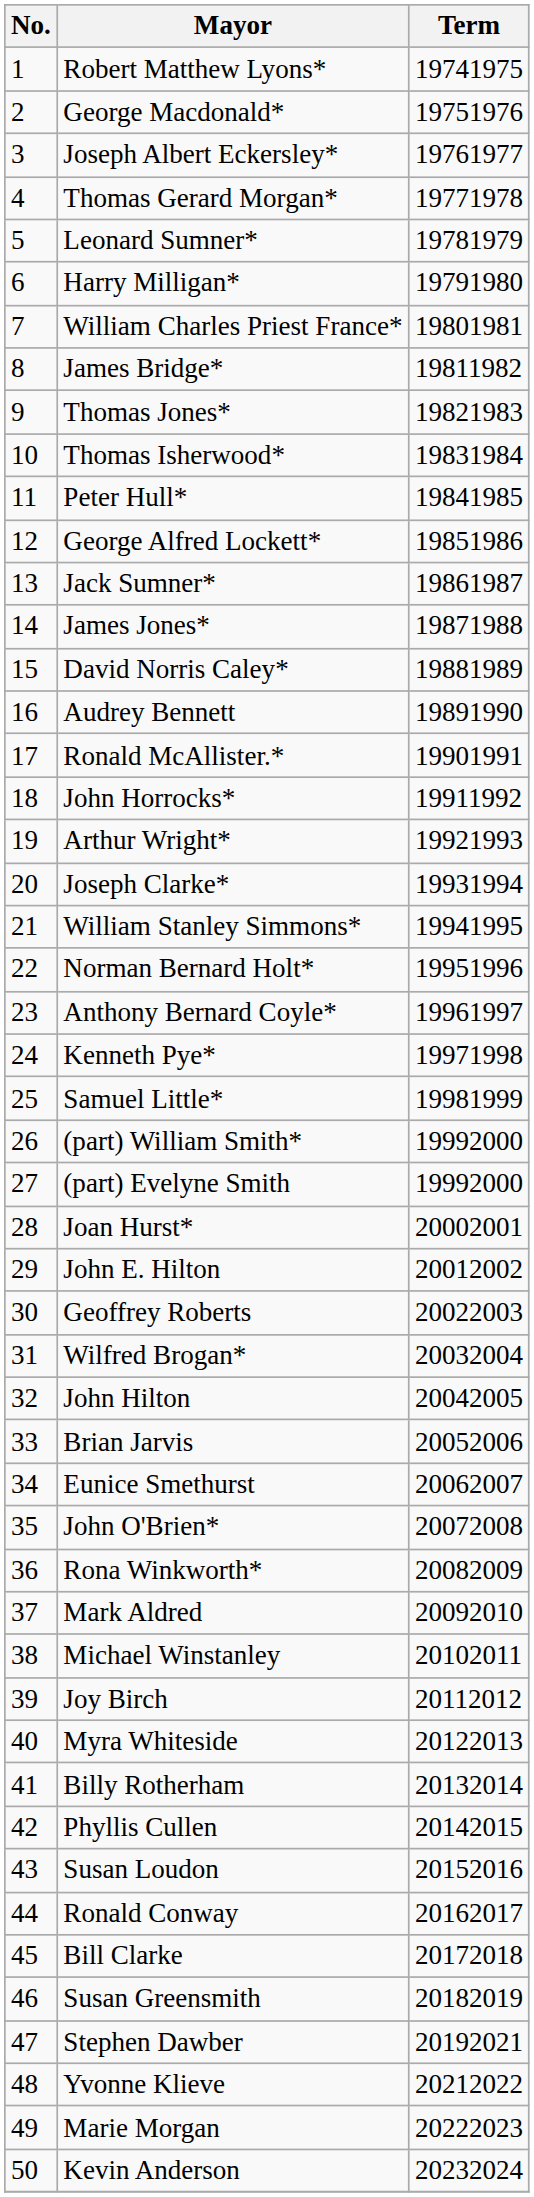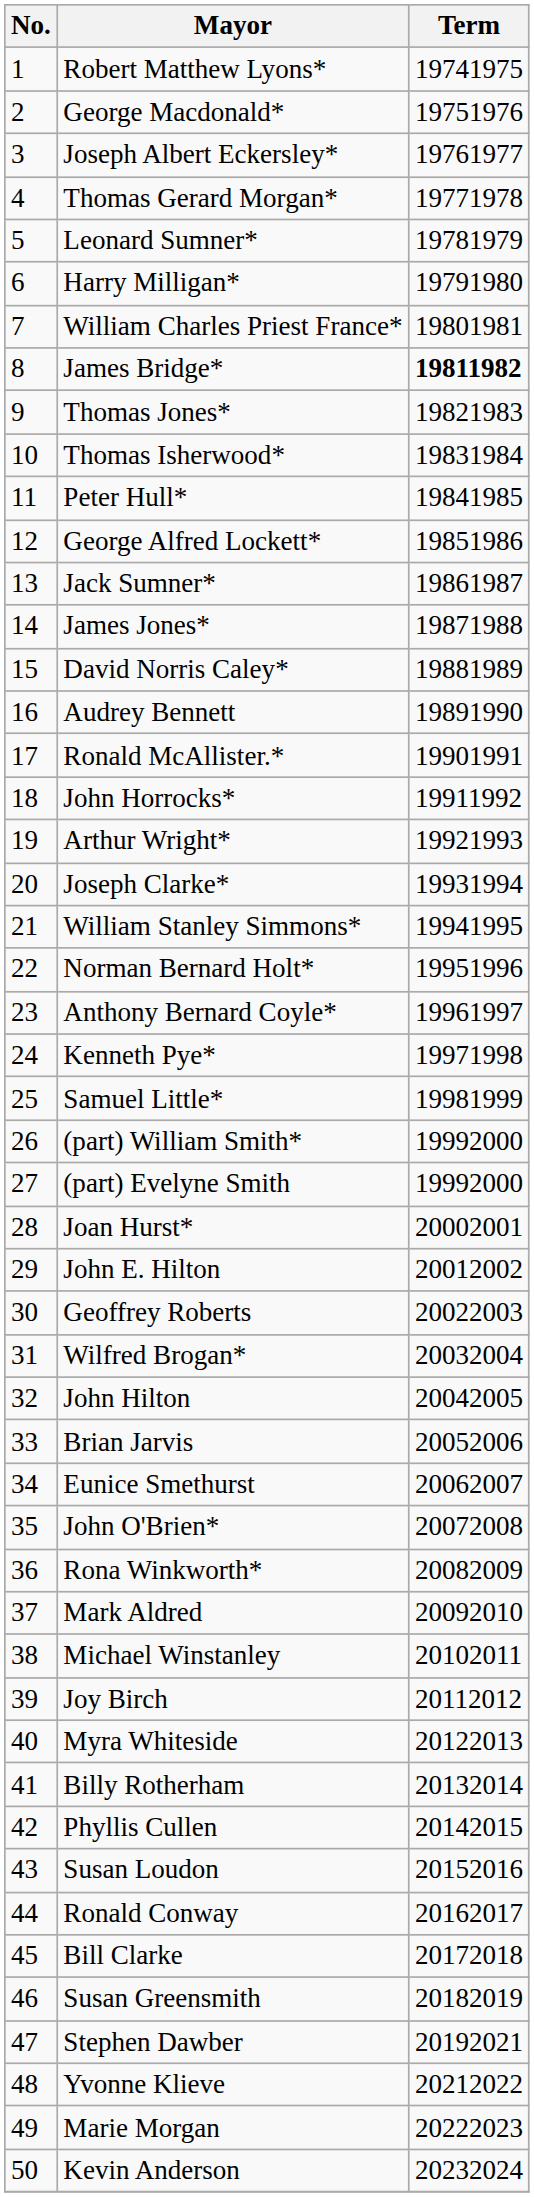 <table class="wikitable">
 <tr>
 <th>No.</th>
 <th>Mayor</th>
 <th>Term</th>
 </tr>
 <tr>
 <td>1</td>
 <td>Robert Matthew Lyons*</td>
 <td>19741975</td>
 </tr>
 <tr>
 <td>2</td>
 <td>George Macdonald*</td>
 <td>19751976</td>
 </tr>
 <tr>
 <td>3</td>
 <td>Joseph Albert Eckersley*</td>
 <td>19761977</td>
 </tr>
 <tr>
 <td>4</td>
 <td>Thomas Gerard Morgan*</td>
 <td>19771978</td>
 </tr>
 <tr>
 <td>5</td>
 <td>Leonard Sumner*</td>
 <td>19781979</td>
 </tr>
 <tr>
 <td>6</td>
 <td>Harry Milligan*</td>
 <td>19791980</td>
 </tr>
 <tr>
 <td>7</td>
 <td>William Charles Priest France*</td>
 <td>19801981</td>
 </tr>
 <tr>
 <td>8</td>
 <td>James Bridge*</td>
-<td>19811982</td>
+<td><strong>19811982</strong></td>
 </tr>
 <tr>
 <td>9</td>
 <td>Thomas Jones*</td>
 <td>19821983</td>
 </tr>
 <tr>
 <td>10</td>
 <td>Thomas Isherwood*</td>
 <td>19831984</td>
 </tr>
 <tr>
 <td>11</td>
 <td>Peter Hull*</td>
 <td>19841985</td>
 </tr>
 <tr>
 <td>12</td>
 <td>George Alfred Lockett*</td>
 <td>19851986</td>
 </tr>
 <tr>
 <td>13</td>
 <td>Jack Sumner*</td>
 <td>19861987</td>
 </tr>
 <tr>
 <td>14</td>
 <td>James Jones*</td>
 <td>19871988</td>
 </tr>
 <tr>
 <td>15</td>
 <td>David Norris Caley*</td>
 <td>19881989</td>
 </tr>
 <tr>
 <td>16</td>
 <td>Audrey Bennett</td>
 <td>19891990</td>
 </tr>
 <tr>
 <td>17</td>
 <td>Ronald McAllister.*</td>
 <td>19901991</td>
 </tr>
 <tr>
 <td>18</td>
 <td>John Horrocks*</td>
 <td>19911992</td>
 </tr>
 <tr>
 <td>19</td>
 <td>Arthur Wright*</td>
 <td>19921993</td>
 </tr>
 <tr>
 <td>20</td>
 <td>Joseph Clarke*</td>
 <td>19931994</td>
 </tr>
 <tr>
 <td>21</td>
 <td>William Stanley Simmons*</td>
 <td>19941995</td>
 </tr>
 <tr>
 <td>22</td>
 <td>Norman Bernard Holt*</td>
 <td>19951996</td>
 </tr>
 <tr>
 <td>23</td>
 <td>Anthony Bernard Coyle*</td>
 <td>19961997</td>
 </tr>
 <tr>
 <td>24</td>
 <td>Kenneth Pye*</td>
 <td>19971998</td>
 </tr>
 <tr>
 <td>25</td>
 <td>Samuel Little*</td>
 <td>19981999</td>
 </tr>
 <tr>
 <td>26</td>
 <td>(part) William Smith*</td>
 <td>19992000</td>
 </tr>
 <tr>
 <td>27</td>
 <td>(part) Evelyne Smith</td>
 <td>19992000</td>
 </tr>
 <tr>
 <td>28</td>
 <td>Joan Hurst*</td>
 <td>20002001</td>
 </tr>
 <tr>
 <td>29</td>
 <td>John E. Hilton</td>
 <td>20012002</td>
 </tr>
 <tr>
 <td>30</td>
 <td>Geoffrey Roberts</td>
 <td>20022003</td>
 </tr>
 <tr>
 <td>31</td>
 <td>Wilfred Brogan*</td>
 <td>20032004</td>
 </tr>
 <tr>
 <td>32</td>
 <td>John Hilton</td>
 <td>20042005</td>
 </tr>
 <tr>
 <td>33</td>
 <td>Brian Jarvis</td>
 <td>20052006</td>
 </tr>
 <tr>
 <td>34</td>
 <td>Eunice Smethurst</td>
 <td>20062007</td>
 </tr>
 <tr>
 <td>35</td>
 <td>John O'Brien*</td>
 <td>20072008</td>
 </tr>
 <tr>
 <td>36</td>
 <td>Rona Winkworth*</td>
 <td>20082009</td>
 </tr>
 <tr>
 <td>37</td>
 <td>Mark Aldred</td>
 <td>20092010</td>
 </tr>
 <tr>
 <td>38</td>
 <td>Michael Winstanley</td>
 <td>20102011</td>
 </tr>
 <tr>
 <td>39</td>
 <td>Joy Birch</td>
 <td>20112012</td>
 </tr>
 <tr>
 <td>40</td>
 <td>Myra Whiteside</td>
 <td>20122013</td>
 </tr>
 <tr>
 <td>41</td>
 <td>Billy Rotherham</td>
 <td>20132014</td>
 </tr>
 <tr>
 <td>42</td>
 <td>Phyllis Cullen</td>
 <td>20142015</td>
 </tr>
 <tr>
 <td>43</td>
 <td>Susan Loudon</td>
 <td>20152016</td>
 </tr>
 <tr>
 <td>44</td>
 <td>Ronald Conway</td>
 <td>20162017</td>
 </tr>
 <tr>
 <td>45</td>
 <td>Bill Clarke</td>
 <td>20172018</td>
 </tr>
 <tr>
 <td>46</td>
 <td>Susan Greensmith</td>
 <td>20182019</td>
 </tr>
 <tr>
 <td>47</td>
 <td>Stephen Dawber</td>
 <td>20192021</td>
 </tr>
 <tr>
 <td>48</td>
 <td>Yvonne Klieve</td>
 <td>20212022</td>
 </tr>
 <tr>
 <td>49</td>
 <td>Marie Morgan</td>
 <td>20222023</td>
 </tr>
 <tr>
 <td>50</td>
 <td>Kevin Anderson</td>
 <td>20232024</td>
 </tr>
 <tr>
 </tr>
 </table>
